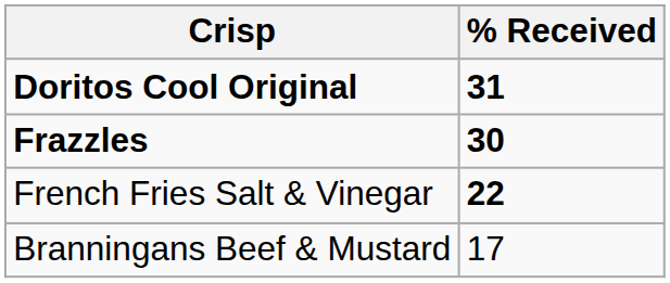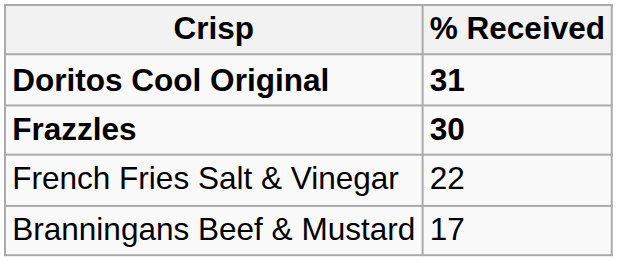 <table class="wikitable">
 <tr>
 <th>Crisp</th>
 <th>% Received</th>
 </tr>
 <tr>
 <td><strong>Doritos Cool Original</strong></td>
 <td><strong>31</strong></td>
 </tr>
 <tr>
 <td><strong>Frazzles</strong></td>
 <td><strong>30</strong></td>
 </tr>
 <tr>
 <td>French Fries Salt & Vinegar</td>
-<td><strong>22</strong></td>
+<td>22</td>
 </tr>
 <tr>
 <td>Branningans Beef & Mustard</td>
 <td>17</td>
 </tr>
 </table>
